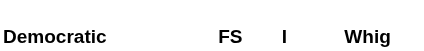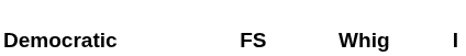 <table style="width:70%; text-align:center">
 <tr style="color:white">
 <td style="background:"><strong>158</strong></td>
 <td style="background:"><strong>4</strong></td>
+<td style="background:"><strong>71</strong></td>
 <td style="background:"><strong>1</strong></td>
-<td style="background:"><strong>71</strong></td>
 </tr>
 <tr>
 <td><span><strong>Democratic</strong></span></td>
 <td><span><strong>FS</strong></span></td>
+<td><span><strong>Whig</strong></span></td>
 <td><span><strong>I</strong></span></td>
-<td><span><strong>Whig</strong></span></td>
 </tr>
 </table>
